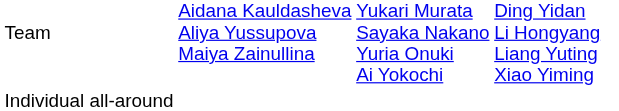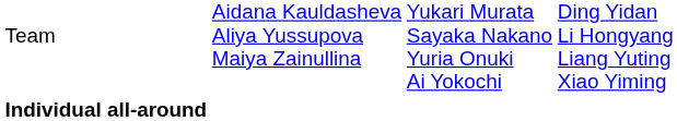 <table>
 <tr>
 <td>Team<br></td>
 <td valign=top><br><a href='#'>Aidana Kauldasheva</a><br><a href='#'>Aliya Yussupova</a><br><a href='#'>Maiya Zainullina</a></td>
 <td><br><a href='#'>Yukari Murata</a><br><a href='#'>Sayaka Nakano</a><br><a href='#'>Yuria Onuki</a><br><a href='#'>Ai Yokochi</a></td>
 <td><br><a href='#'>Ding Yidan</a><br><a href='#'>Li Hongyang</a><br><a href='#'>Liang Yuting</a><br><a href='#'>Xiao Yiming</a></td>
 </tr>
 <tr>
-<td>Individual all-around<br></td>
+<td><strong>Individual all-around<br></strong></td>
 <td></td>
 <td></td>
 <td></td>
 </tr>
 </table>
